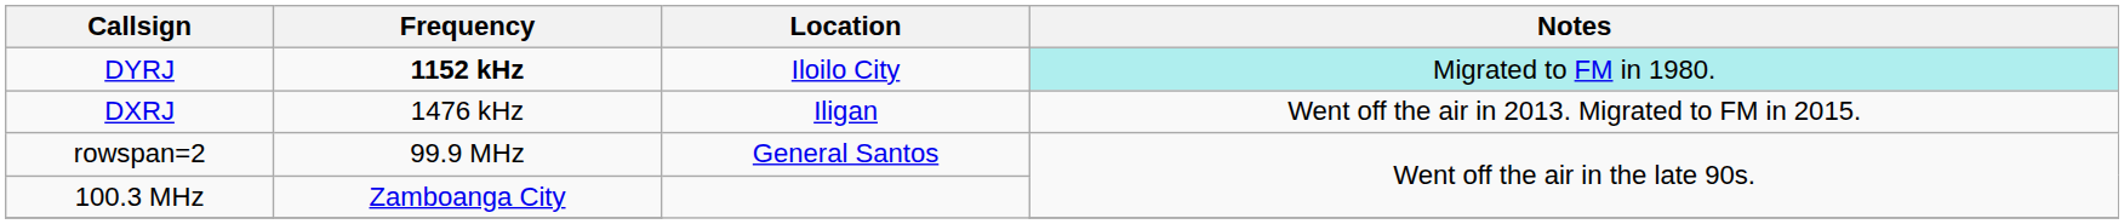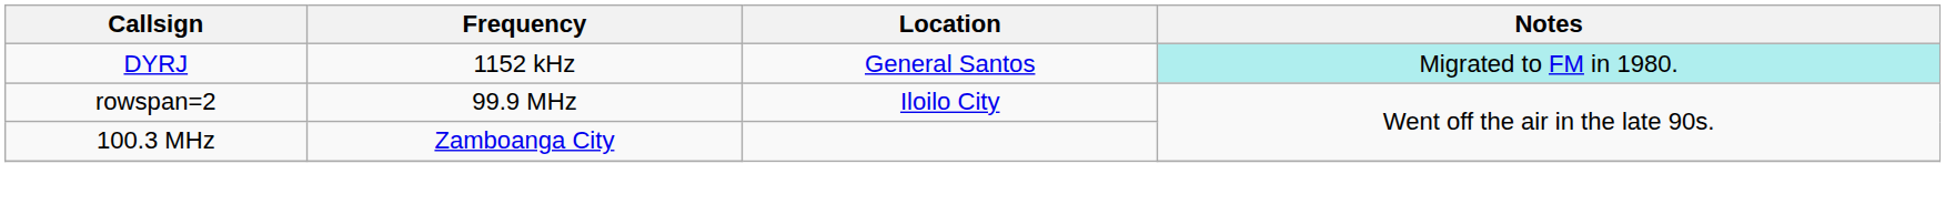 <table class="wikitable" style="width:100%; text-align:center;">
 <tr>
 <th>Callsign</th>
 <th>Frequency</th>
 <th>Location</th>
 <th>Notes</th>
 </tr>
 <tr>
 <td><a href='#'>DYRJ</a></td>
-<td><strong>1152 kHz</strong></td>
-<td><a href='#'>Iloilo City</a></td>
+<td>1152 kHz</td>
+<td><a href='#'>General Santos</a></td>
 <td style="background: paleturquoise;">Migrated to <a href='#'>FM</a> in 1980.</td>
-</tr>
-<tr>
-<td><a href='#'>DXRJ</a></td>
-<td>1476 kHz</td>
-<td><a href='#'>Iligan</a></td>
-<td>Went off the air in 2013. Migrated to FM in 2015.</td>
 </tr>
 <tr>
 <td>rowspan=2 </td>
 <td>99.9 MHz</td>
-<td><a href='#'>General Santos</a></td>
+<td><a href='#'>Iloilo City</a></td>
 <td rowspan=2>Went off the air in the late 90s.</td>
 </tr>
 <tr>
 <td>100.3 MHz</td>
 <td><a href='#'>Zamboanga City</a></td>
 </tr>
 <tr>
 </tr>
 </table>
